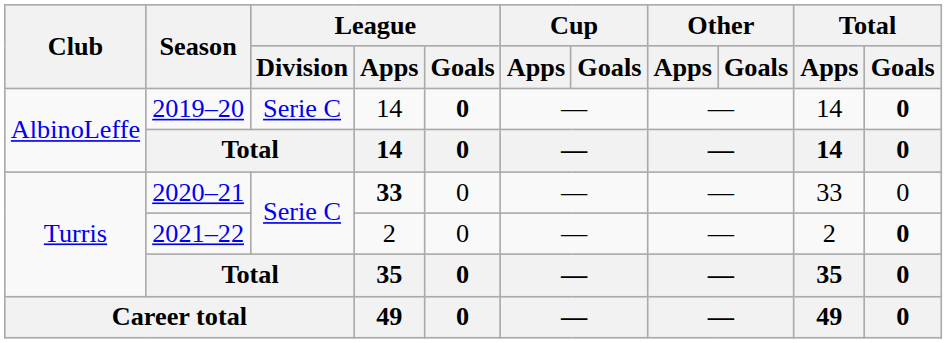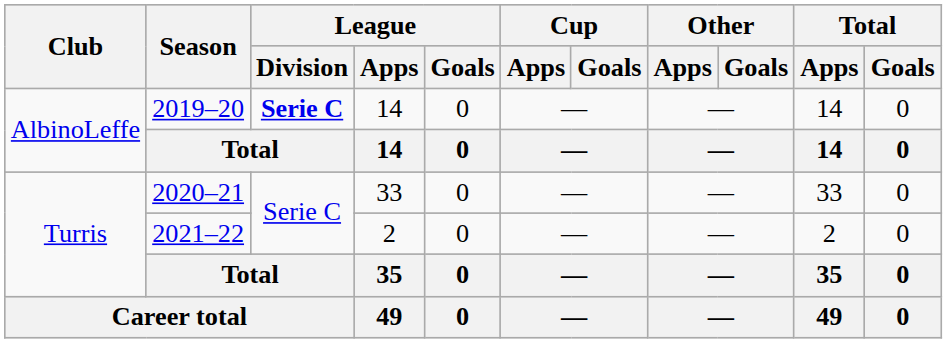 <table class=wikitable style=text-align:center>
 <tr>
 <th rowspan=2>Club</th>
 <th rowspan=2>Season</th>
 <th colspan=3>League</th>
 <th colspan=2>Cup</th>
 <th colspan=2>Other</th>
 <th colspan=2>Total</th>
 </tr>
 <tr>
 <th>Division</th>
 <th>Apps</th>
 <th>Goals</th>
 <th>Apps</th>
 <th>Goals</th>
 <th>Apps</th>
 <th>Goals</th>
 <th>Apps</th>
 <th>Goals</th>
 </tr>
 <tr>
 <td rowspan=2><a href='#'>AlbinoLeffe</a></td>
 <td><a href='#'>2019–20</a></td>
-<td><a href='#'>Serie C</a></td>
+<td><strong><a href='#'>Serie C</a></strong></td>
 <td>14</td>
-<td><strong>0</strong></td>
+<td>0</td>
 <td colspan=2>—</td>
 <td colspan=2>—</td>
 <td>14</td>
-<td><strong>0</strong></td>
+<td>0</td>
 </tr>
 <tr>
 <th colspan="2">Total</th>
 <th>14</th>
 <th>0</th>
 <th colspan=2>—</th>
 <th colspan=2>—</th>
 <th>14</th>
 <th>0</th>
 </tr>
 <tr>
 <td rowspan=3><a href='#'>Turris</a></td>
 <td><a href='#'>2020–21</a></td>
 <td rowspan=2><a href='#'>Serie C</a></td>
-<td><strong>33</strong></td>
+<td>33</td>
 <td>0</td>
 <td colspan=2>—</td>
 <td colspan=2>—</td>
 <td>33</td>
 <td>0</td>
 </tr>
 <tr>
 <td><a href='#'>2021–22</a></td>
 <td>2</td>
 <td>0</td>
 <td colspan=2>—</td>
 <td colspan=2>—</td>
 <td>2</td>
-<td><strong>0</strong></td>
+<td>0</td>
 </tr>
 <tr>
 <th colspan="2">Total</th>
 <th>35</th>
 <th>0</th>
 <th colspan=2>—</th>
 <th colspan=2>—</th>
 <th>35</th>
 <th>0</th>
 </tr>
 <tr>
 <th colspan=3>Career total</th>
 <th>49</th>
 <th>0</th>
 <th colspan=2>—</th>
 <th colspan=2>—</th>
 <th>49</th>
 <th>0</th>
 </tr>
 </table>
